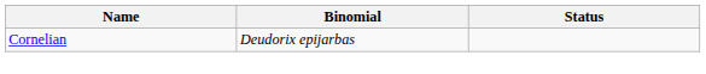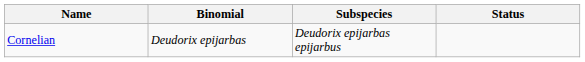 <table width=60% class="wikitable">
 <tr>
 <th width=20%>Name</th>
 <th width=20%>Binomial</th>
+<th width=20%>Subspecies</th>
 <th width=20%>Status</th>
 </tr>
 <tr>
 <td><a href='#'>Cornelian</a><br> </td>
 <td><em>Deudorix epijarbas</em></td>
+<td><em>Deudorix epijarbas epijarbus</em></td>
 <td></td>
 </tr>
 </table>
